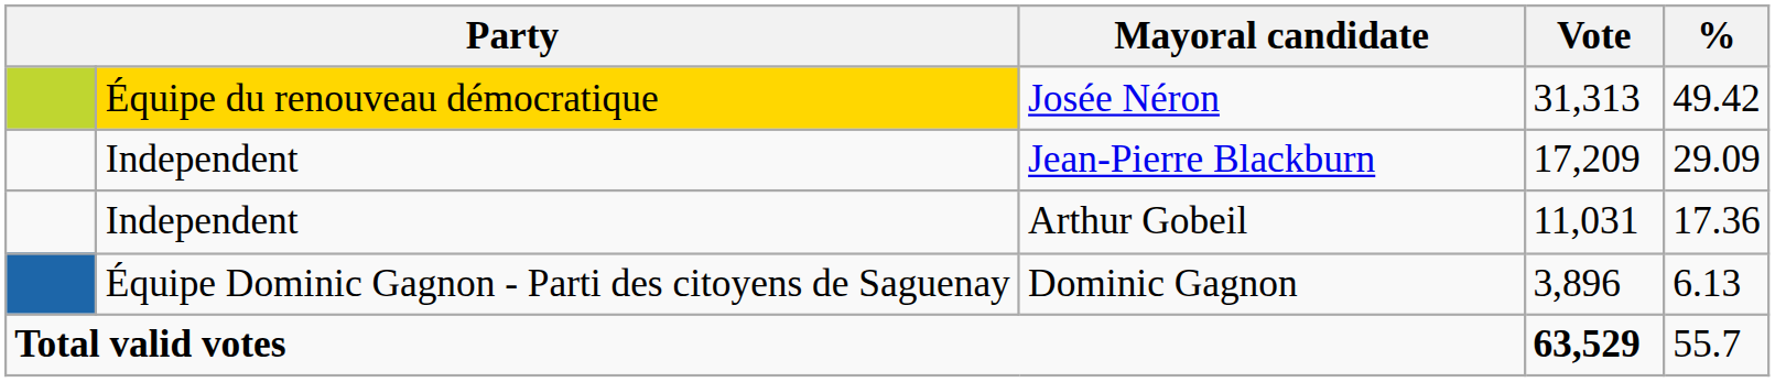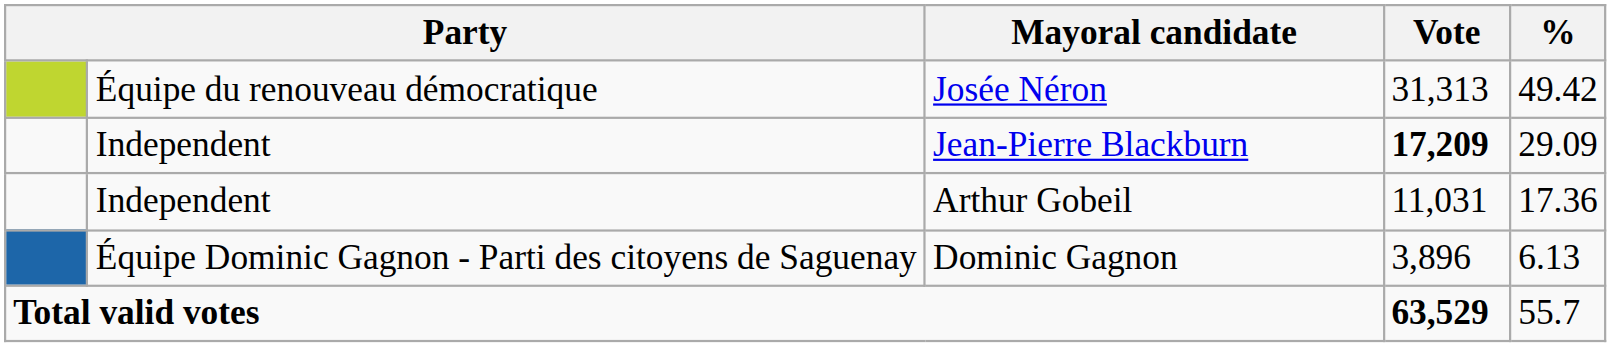 <table class="wikitable">
 <tr>
 <th bgcolor="#DDDDFF" width="230px" colspan="2">Party</th>
 <th bgcolor="#DDDDFF" width="200px">Mayoral candidate</th>
 <th bgcolor="#DDDDFF" width="50px">Vote</th>
 <th bgcolor="#DDDDFF" width="30px">%</th>
 </tr>
 <tr>
 <td bgcolor=#BFD630 width="30px"> </td>
-<td style="background: gold;">Équipe du renouveau démocratique</td>
+<td>Équipe du renouveau démocratique</td>
 <td><a href='#'>Josée Néron</a></td>
 <td>31,313</td>
 <td>49.42</td>
 </tr>
 <tr>
 <td> </td>
 <td>Independent</td>
 <td><a href='#'>Jean-Pierre Blackburn</a></td>
-<td>17,209</td>
+<td><strong>17,209</strong></td>
 <td>29.09</td>
 </tr>
 <tr>
 <td> </td>
 <td>Independent</td>
 <td>Arthur Gobeil</td>
 <td>11,031</td>
 <td>17.36</td>
 </tr>
 <tr>
 <td bgcolor=#1D66A9 width="30px"> </td>
 <td>Équipe Dominic Gagnon - Parti des citoyens de Saguenay</td>
 <td>Dominic Gagnon</td>
 <td>3,896</td>
 <td>6.13</td>
 </tr>
 <tr>
 <td colspan="3"><strong>Total valid votes</strong></td>
 <td><strong> 63,529</strong></td>
 <td>55.7</td>
 </tr>
 </table>
